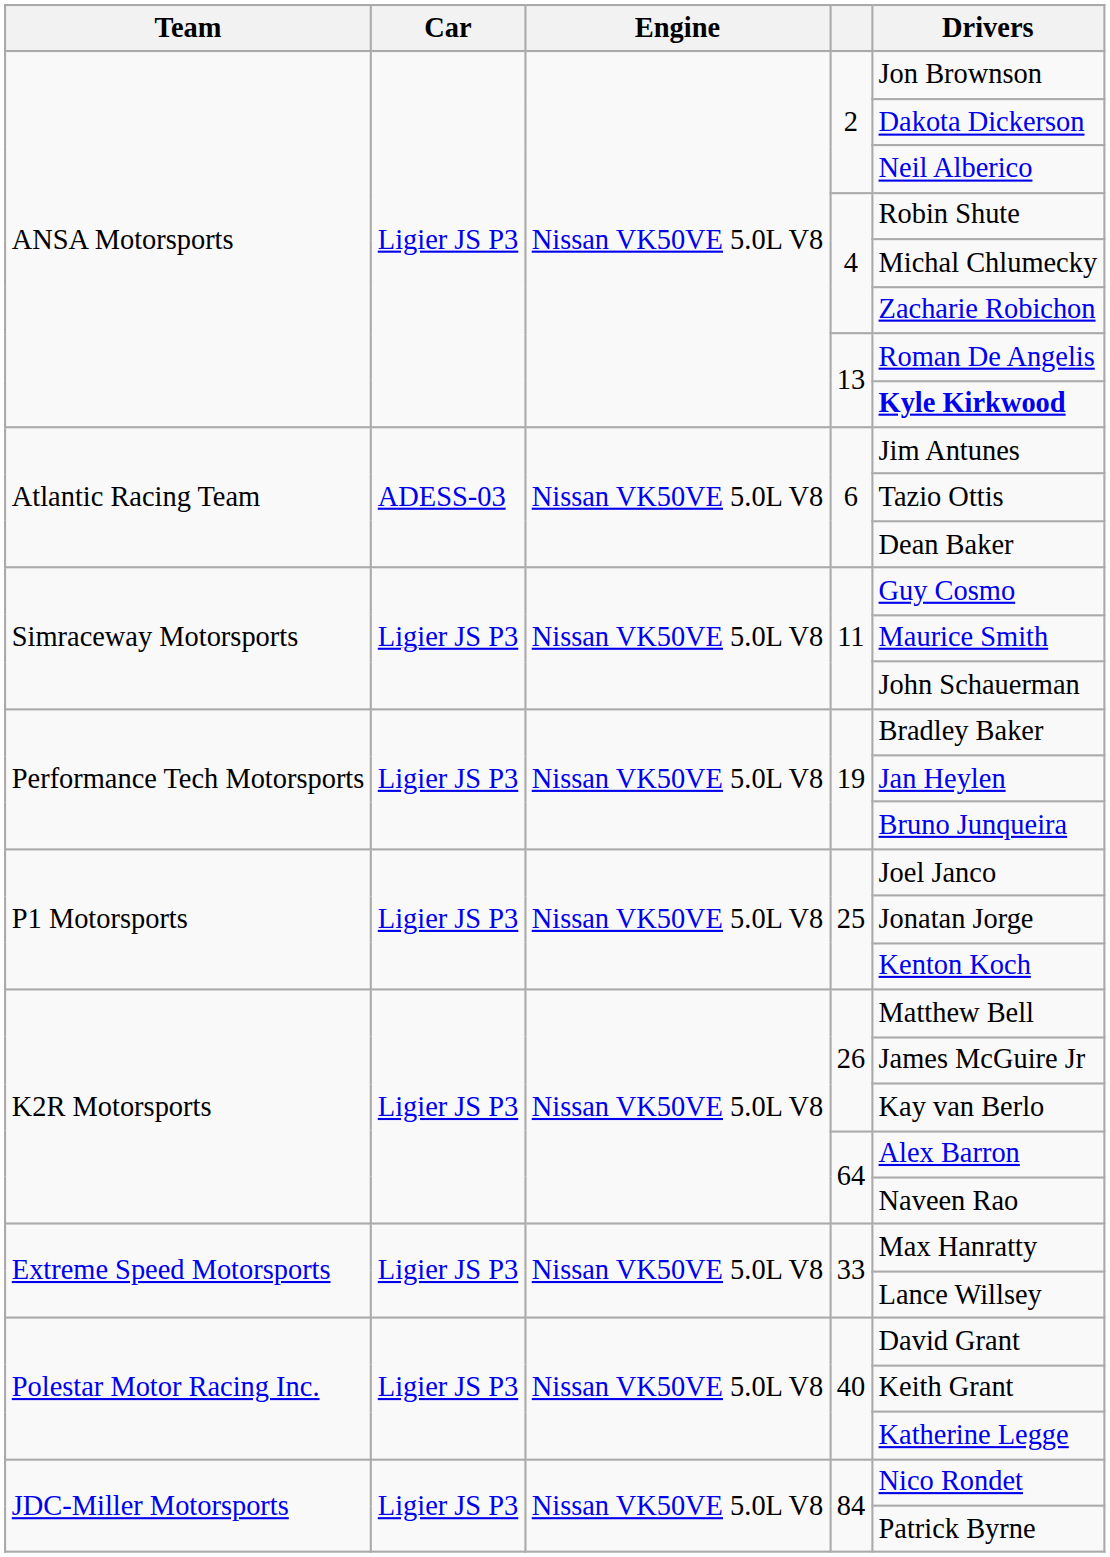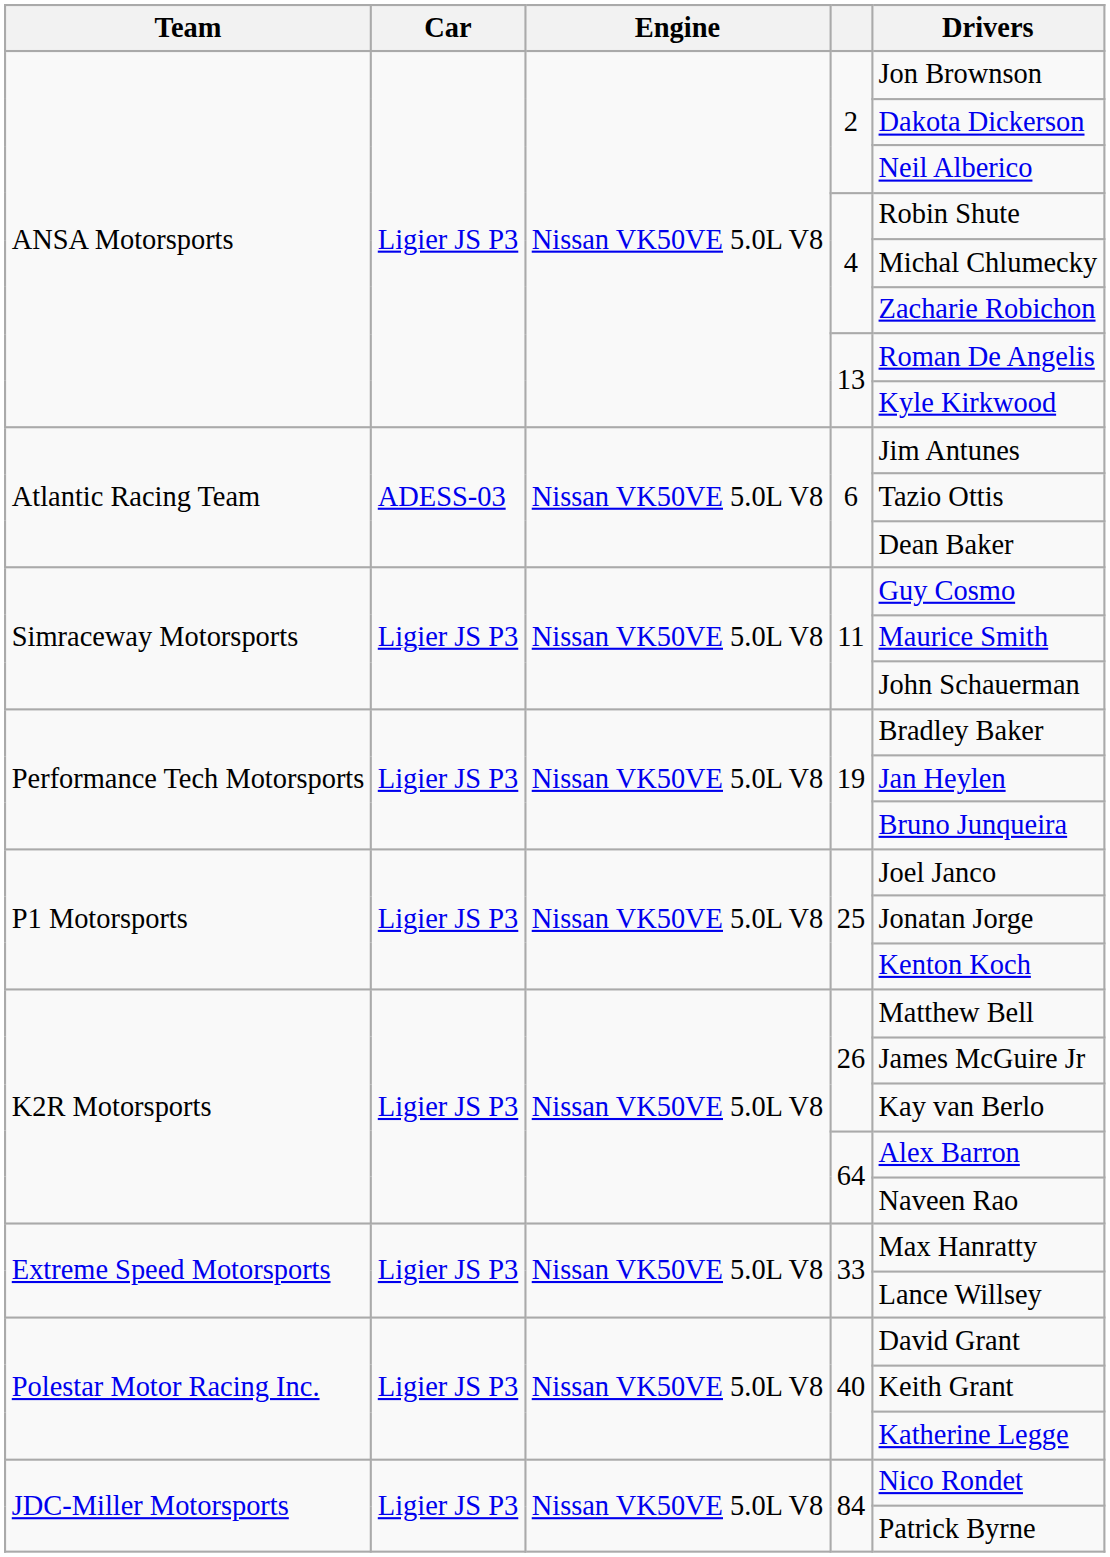 <table class="wikitable" style="font-size: 85%">
 <tr>
 <th>Team</th>
 <th>Car</th>
 <th>Engine</th>
 <th></th>
 <th>Drivers</th>
 </tr>
 <tr>
 <td rowspan=8> ANSA Motorsports</td>
 <td rowspan=8><a href='#'>Ligier JS P3</a></td>
 <td rowspan=8><a href='#'>Nissan VK50VE</a> 5.0L V8</td>
 <td rowspan=3 align="center">2</td>
 <td> Jon Brownson</td>
 </tr>
 <tr>
 <td> <a href='#'>Dakota Dickerson</a></td>
 </tr>
 <tr>
 <td> <a href='#'>Neil Alberico</a></td>
 </tr>
 <tr>
 <td rowspan=3 align="center">4</td>
 <td> Robin Shute</td>
 </tr>
 <tr>
 <td> Michal Chlumecky</td>
 </tr>
 <tr>
 <td> <a href='#'>Zacharie Robichon</a></td>
 </tr>
 <tr>
 <td rowspan=2 align="center">13</td>
 <td> <a href='#'>Roman De Angelis</a></td>
 </tr>
 <tr>
-<td><strong> <a href='#'>Kyle Kirkwood</a></strong></td>
+<td> <a href='#'>Kyle Kirkwood</a></td>
 </tr>
 <tr>
 <td rowspan=3> Atlantic Racing Team</td>
 <td rowspan=3><a href='#'>ADESS-03</a></td>
 <td rowspan=3><a href='#'>Nissan VK50VE</a> 5.0L V8</td>
 <td rowspan=3 align="center">6</td>
 <td> Jim Antunes</td>
 </tr>
 <tr>
 <td> Tazio Ottis</td>
 </tr>
 <tr>
 <td> Dean Baker</td>
 </tr>
 <tr>
 <td rowspan=3> Simraceway Motorsports</td>
 <td rowspan=3><a href='#'>Ligier JS P3</a></td>
 <td rowspan=3><a href='#'>Nissan VK50VE</a> 5.0L V8</td>
 <td rowspan=3 align="center">11</td>
 <td> <a href='#'>Guy Cosmo</a></td>
 </tr>
 <tr>
 <td> <a href='#'>Maurice Smith</a></td>
 </tr>
 <tr>
 <td> John Schauerman</td>
 </tr>
 <tr>
 <td rowspan=3> Performance Tech Motorsports</td>
 <td rowspan=3><a href='#'>Ligier JS P3</a></td>
 <td rowspan=3><a href='#'>Nissan VK50VE</a> 5.0L V8</td>
 <td rowspan=3 align="center">19</td>
 <td> Bradley Baker</td>
 </tr>
 <tr>
 <td> <a href='#'>Jan Heylen</a></td>
 </tr>
 <tr>
 <td> <a href='#'>Bruno Junqueira</a></td>
 </tr>
 <tr>
 <td rowspan=3> P1 Motorsports</td>
 <td rowspan=3><a href='#'>Ligier JS P3</a></td>
 <td rowspan=3><a href='#'>Nissan VK50VE</a> 5.0L V8</td>
 <td rowspan=3 align="center">25</td>
 <td> Joel Janco</td>
 </tr>
 <tr>
 <td> Jonatan Jorge</td>
 </tr>
 <tr>
 <td> <a href='#'>Kenton Koch</a></td>
 </tr>
 <tr>
 <td rowspan=5> K2R Motorsports</td>
 <td rowspan=5><a href='#'>Ligier JS P3</a></td>
 <td rowspan=5><a href='#'>Nissan VK50VE</a> 5.0L V8</td>
 <td rowspan=3 align="center">26</td>
 <td> Matthew Bell</td>
 </tr>
 <tr>
 <td> James McGuire Jr</td>
 </tr>
 <tr>
 <td> Kay van Berlo</td>
 </tr>
 <tr>
 <td rowspan=2 align="center">64</td>
 <td> <a href='#'>Alex Barron</a></td>
 </tr>
 <tr>
 <td> Naveen Rao</td>
 </tr>
 <tr>
 <td rowspan=2> <a href='#'>Extreme Speed Motorsports</a></td>
 <td rowspan=2><a href='#'>Ligier JS P3</a></td>
 <td rowspan=2><a href='#'>Nissan VK50VE</a> 5.0L V8</td>
 <td rowspan=2 align="center">33</td>
 <td> Max Hanratty</td>
 </tr>
 <tr>
 <td> Lance Willsey</td>
 </tr>
 <tr>
 <td rowspan=3> <a href='#'>Polestar Motor Racing Inc.</a></td>
 <td rowspan=3><a href='#'>Ligier JS P3</a></td>
 <td rowspan=3><a href='#'>Nissan VK50VE</a> 5.0L V8</td>
 <td rowspan=3 align="center">40</td>
 <td> David Grant</td>
 </tr>
 <tr>
 <td> Keith Grant</td>
 </tr>
 <tr>
 <td> <a href='#'>Katherine Legge</a></td>
 </tr>
 <tr>
 <td rowspan=2> <a href='#'>JDC-Miller Motorsports</a></td>
 <td rowspan=2><a href='#'>Ligier JS P3</a></td>
 <td rowspan=2><a href='#'>Nissan VK50VE</a> 5.0L V8</td>
 <td rowspan=2 align="center">84</td>
 <td> <a href='#'>Nico Rondet</a></td>
 </tr>
 <tr>
 <td> Patrick Byrne</td>
 </tr>
 </table>
